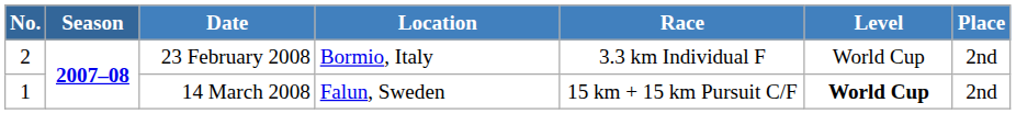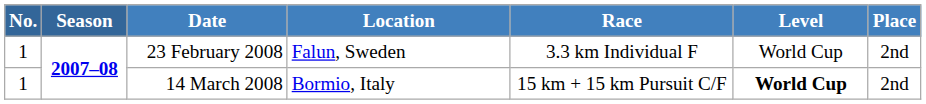 <table class="wikitable sortable" style="font-size:95%; text-align:center; border:grey solid 1px; border-collapse:collapse; background:#ffffff;">
 <tr style="background:#efefef;">
 <th style="background-color:#369; color:white;">No.</th>
 <th style="background-color:#369; color:white;">Season</th>
 <th style="background-color:#4180be; color:white; width:120px;">Date</th>
 <th style="background-color:#4180be; color:white; width:170px;">Location</th>
 <th style="background-color:#4180be; color:white; width:170px;">Race</th>
 <th style="background-color:#4180be; color:white; width:100px;">Level</th>
 <th style="background-color:#4180be; color:white;">Place</th>
 </tr>
 <tr>
-<td align=center>2</td>
+<td align=center>1</td>
 <td rowspan=2 align=center><strong> <a href='#'>2007–08</a> </strong></td>
 <td align=right>23 February 2008</td>
-<td align=left> <a href='#'>Bormio</a>, Italy</td>
+<td align=left> <a href='#'>Falun</a>, Sweden</td>
 <td>3.3 km Individual F</td>
 <td>World Cup</td>
 <td>2nd</td>
 </tr>
 <tr>
 <td align=center>1</td>
 <td align=right>14 March 2008</td>
-<td align=left> <a href='#'>Falun</a>, Sweden</td>
+<td align=left> <a href='#'>Bormio</a>, Italy</td>
 <td>15 km + 15 km Pursuit C/F</td>
 <td><strong>World Cup</strong></td>
 <td>2nd</td>
 </tr>
 </table>
